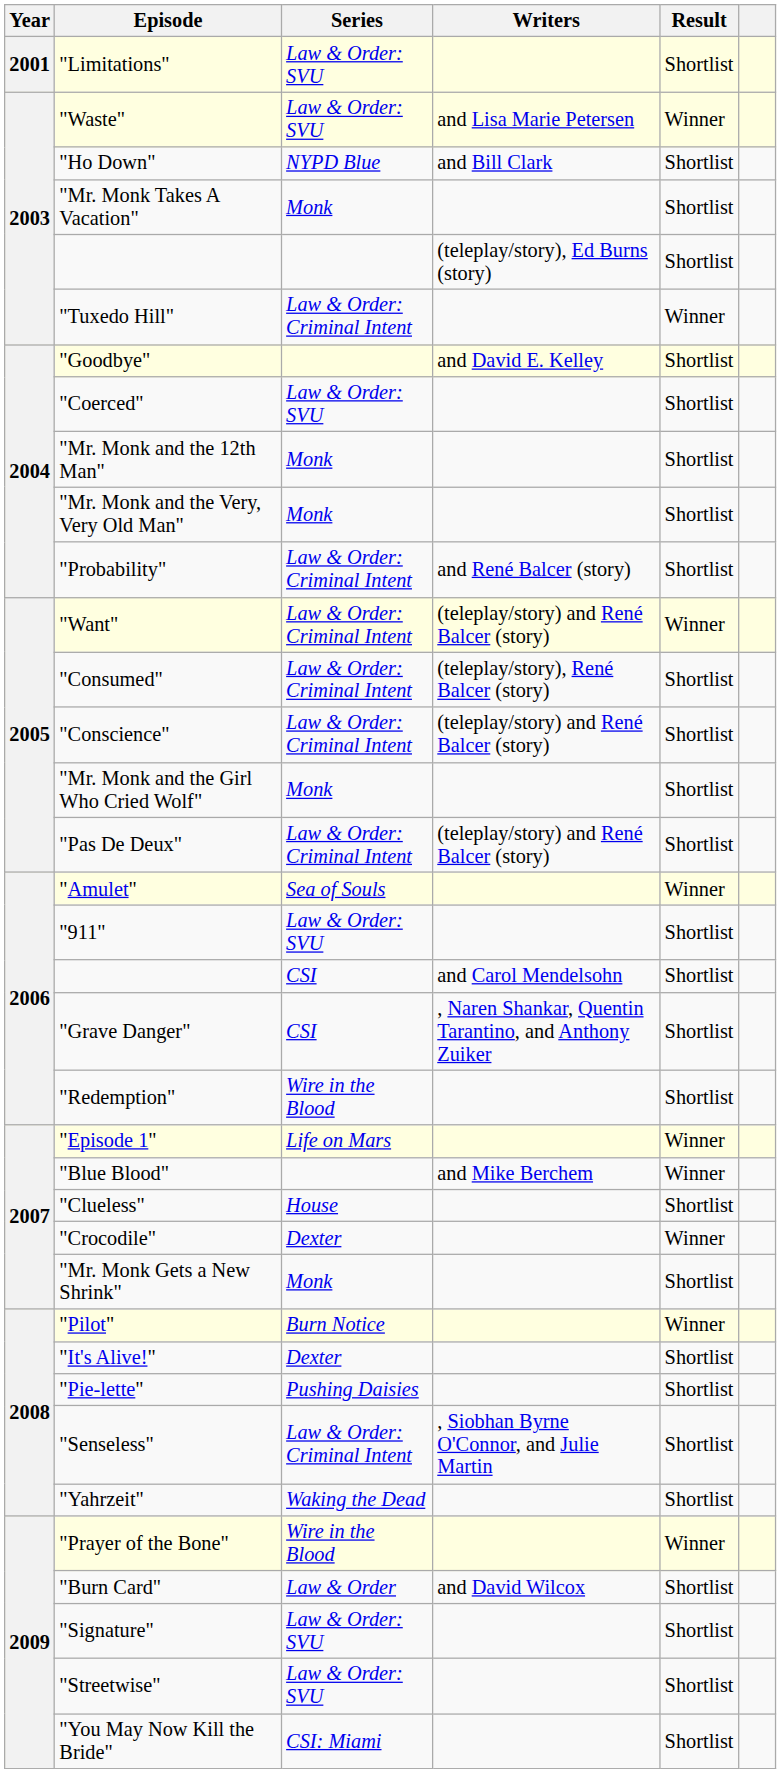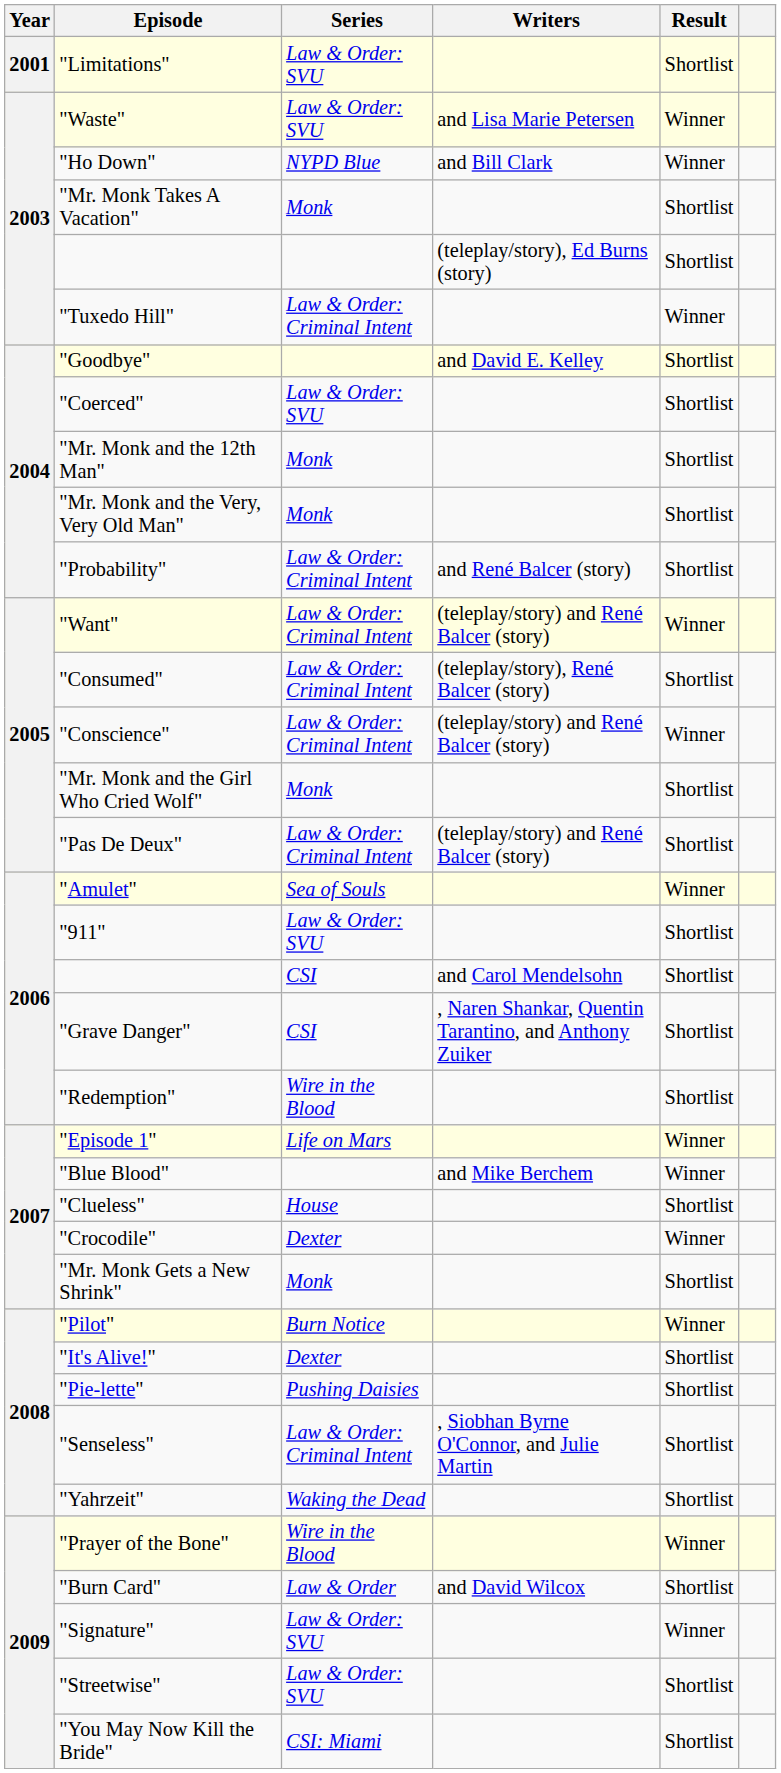 <table class="wikitable sortable" style="wdith:100%">
 <tr>
 <th scope="col" width="5%">Year</th>
 <th scope="col" width="30%">Episode</th>
 <th scope="col" width="20%">Series</th>
 <th scope="col" width="30%">Writers</th>
 <th scope="col" width="10%">Result</th>
 <th scope="col" width="5%"></th>
 </tr>
 <tr style="background:lightyellow;">
 <th>2001</th>
 <td>"Limitations"</td>
 <td><em><a href='#'>Law & Order: SVU</a></em></td>
 <td></td>
 <td>Shortlist</td>
 <td></td>
 </tr>
 <tr style="background:lightyellow;">
 <th rowspan="5">2003</th>
 <td>"Waste"</td>
 <td><em><a href='#'>Law & Order: SVU</a></em></td>
 <td> and <a href='#'>Lisa Marie Petersen</a></td>
 <td>Winner</td>
 <td></td>
 </tr>
 <tr>
 <td>"Ho Down"</td>
 <td><em><a href='#'>NYPD Blue</a></em></td>
 <td> and <a href='#'>Bill Clark</a></td>
-<td>Shortlist</td>
+<td>Winner</td>
 <td></td>
 </tr>
 <tr>
 <td>"Mr. Monk Takes A Vacation"</td>
 <td><em><a href='#'>Monk</a></em></td>
 <td></td>
 <td>Shortlist</td>
 <td></td>
 </tr>
 <tr>
 <td></td>
 <td></td>
 <td> (teleplay/story), <a href='#'>Ed Burns</a> (story)</td>
 <td>Shortlist</td>
 <td></td>
 </tr>
 <tr>
 <td>"Tuxedo Hill"</td>
 <td><em><a href='#'>Law & Order: Criminal Intent</a></em></td>
 <td></td>
 <td>Winner</td>
 <td></td>
 </tr>
 <tr style="background:lightyellow;">
 <th rowspan="5">2004</th>
 <td>"Goodbye"</td>
 <td></td>
 <td> and <a href='#'>David E. Kelley</a></td>
 <td>Shortlist</td>
 <td></td>
 </tr>
 <tr>
 <td>"Coerced"</td>
 <td><em><a href='#'>Law & Order: SVU</a></em></td>
 <td></td>
 <td>Shortlist</td>
 <td></td>
 </tr>
 <tr>
 <td>"Mr. Monk and the 12th Man"</td>
 <td><em><a href='#'>Monk</a></em></td>
 <td></td>
 <td>Shortlist</td>
 <td></td>
 </tr>
 <tr>
 <td>"Mr. Monk and the Very, Very Old Man"</td>
 <td><em><a href='#'>Monk</a></em></td>
 <td></td>
 <td>Shortlist</td>
 <td></td>
 </tr>
 <tr>
 <td>"Probability"</td>
 <td><em><a href='#'>Law & Order: Criminal Intent</a></em></td>
 <td> and <a href='#'>René Balcer</a> (story)</td>
 <td>Shortlist</td>
 <td></td>
 </tr>
 <tr style="background:lightyellow;">
 <th rowspan="5">2005</th>
 <td>"Want"</td>
 <td><em><a href='#'>Law & Order: Criminal Intent</a></em></td>
 <td> (teleplay/story) and <a href='#'>René Balcer</a> (story)</td>
 <td>Winner</td>
 <td></td>
 </tr>
 <tr>
 <td>"Consumed"</td>
 <td><em><a href='#'>Law & Order: Criminal Intent</a></em></td>
 <td> (teleplay/story), <a href='#'>René Balcer</a> (story)</td>
 <td>Shortlist</td>
 <td></td>
 </tr>
 <tr>
 <td>"Conscience"</td>
 <td><em><a href='#'>Law & Order: Criminal Intent</a></em></td>
 <td> (teleplay/story) and <a href='#'>René Balcer</a> (story)</td>
-<td>Shortlist</td>
+<td>Winner</td>
 <td></td>
 </tr>
 <tr>
 <td>"Mr. Monk and the Girl Who Cried Wolf"</td>
 <td><em><a href='#'>Monk</a></em></td>
 <td></td>
 <td>Shortlist</td>
 <td></td>
 </tr>
 <tr>
 <td>"Pas De Deux"</td>
 <td><em><a href='#'>Law & Order: Criminal Intent</a></em></td>
 <td> (teleplay/story) and <a href='#'>René Balcer</a> (story)</td>
 <td>Shortlist</td>
 <td></td>
 </tr>
 <tr style="background:lightyellow;">
 <th rowspan="5">2006</th>
 <td>"<a href='#'>Amulet</a>"</td>
 <td><em><a href='#'>Sea of Souls</a></em></td>
 <td></td>
 <td>Winner</td>
 <td></td>
 </tr>
 <tr>
 <td>"911"</td>
 <td><em><a href='#'>Law & Order: SVU</a></em></td>
 <td></td>
 <td>Shortlist</td>
 <td></td>
 </tr>
 <tr>
 <td></td>
 <td><em><a href='#'>CSI</a></em></td>
 <td> and <a href='#'>Carol Mendelsohn</a></td>
 <td>Shortlist</td>
 <td></td>
 </tr>
 <tr>
 <td>"Grave Danger"</td>
 <td><em><a href='#'>CSI</a></em></td>
 <td>, <a href='#'>Naren Shankar</a>, <a href='#'>Quentin Tarantino</a>, and <a href='#'>Anthony Zuiker</a></td>
 <td>Shortlist</td>
 <td></td>
 </tr>
 <tr>
 <td>"Redemption"</td>
 <td><em><a href='#'>Wire in the Blood</a></em></td>
 <td></td>
 <td>Shortlist</td>
 <td></td>
 </tr>
 <tr style="background:lightyellow;">
 <th rowspan="5">2007</th>
 <td>"<a href='#'>Episode 1</a>"</td>
 <td><em><a href='#'>Life on Mars</a></em></td>
 <td></td>
 <td>Winner</td>
 <td></td>
 </tr>
 <tr>
 <td>"Blue Blood"</td>
 <td></td>
 <td> and <a href='#'>Mike Berchem</a></td>
 <td>Winner</td>
 <td></td>
 </tr>
 <tr>
 <td>"Clueless"</td>
 <td><em><a href='#'>House</a></em></td>
 <td></td>
 <td>Shortlist</td>
 <td></td>
 </tr>
 <tr>
 <td>"Crocodile"</td>
 <td><em><a href='#'>Dexter</a></em></td>
 <td></td>
 <td>Winner</td>
 <td></td>
 </tr>
 <tr>
 <td>"Mr. Monk Gets a New Shrink"</td>
 <td><em><a href='#'>Monk</a></em></td>
 <td></td>
 <td>Shortlist</td>
 <td></td>
 </tr>
 <tr style="background:lightyellow;">
 <th rowspan="5">2008</th>
 <td>"<a href='#'>Pilot</a>"</td>
 <td><em><a href='#'>Burn Notice</a></em></td>
 <td></td>
 <td>Winner</td>
 <td></td>
 </tr>
 <tr>
 <td>"<a href='#'>It's Alive!</a>"</td>
 <td><em><a href='#'>Dexter</a></em></td>
 <td></td>
 <td>Shortlist</td>
 <td></td>
 </tr>
 <tr>
 <td>"<a href='#'>Pie-lette</a>"</td>
 <td><em><a href='#'>Pushing Daisies</a></em></td>
 <td></td>
 <td>Shortlist</td>
 <td></td>
 </tr>
 <tr>
 <td>"Senseless"</td>
 <td><em><a href='#'>Law & Order: Criminal Intent</a></em></td>
 <td>, <a href='#'>Siobhan Byrne O'Connor</a>, and <a href='#'>Julie Martin</a></td>
 <td>Shortlist</td>
 <td></td>
 </tr>
 <tr>
 <td>"Yahrzeit"</td>
 <td><em><a href='#'>Waking the Dead</a></em></td>
 <td></td>
 <td>Shortlist</td>
 <td></td>
 </tr>
 <tr style="background:lightyellow;">
 <th rowspan="5">2009</th>
 <td>"Prayer of the Bone"</td>
 <td><em><a href='#'>Wire in the Blood</a></em></td>
 <td></td>
 <td>Winner</td>
 <td></td>
 </tr>
 <tr>
 <td>"Burn Card"</td>
 <td><em><a href='#'>Law & Order</a></em></td>
 <td> and <a href='#'>David Wilcox</a></td>
 <td>Shortlist</td>
 <td></td>
 </tr>
 <tr>
 <td>"Signature"</td>
 <td><em><a href='#'>Law & Order: SVU</a></em></td>
 <td></td>
-<td>Shortlist</td>
+<td>Winner</td>
 <td></td>
 </tr>
 <tr>
 <td>"Streetwise"</td>
 <td><em><a href='#'>Law & Order: SVU</a></em></td>
 <td></td>
 <td>Shortlist</td>
 <td></td>
 </tr>
 <tr>
 <td>"You May Now Kill the Bride"</td>
 <td><em><a href='#'>CSI: Miami</a></em></td>
 <td></td>
 <td>Shortlist</td>
 <td></td>
 </tr>
 </table>
